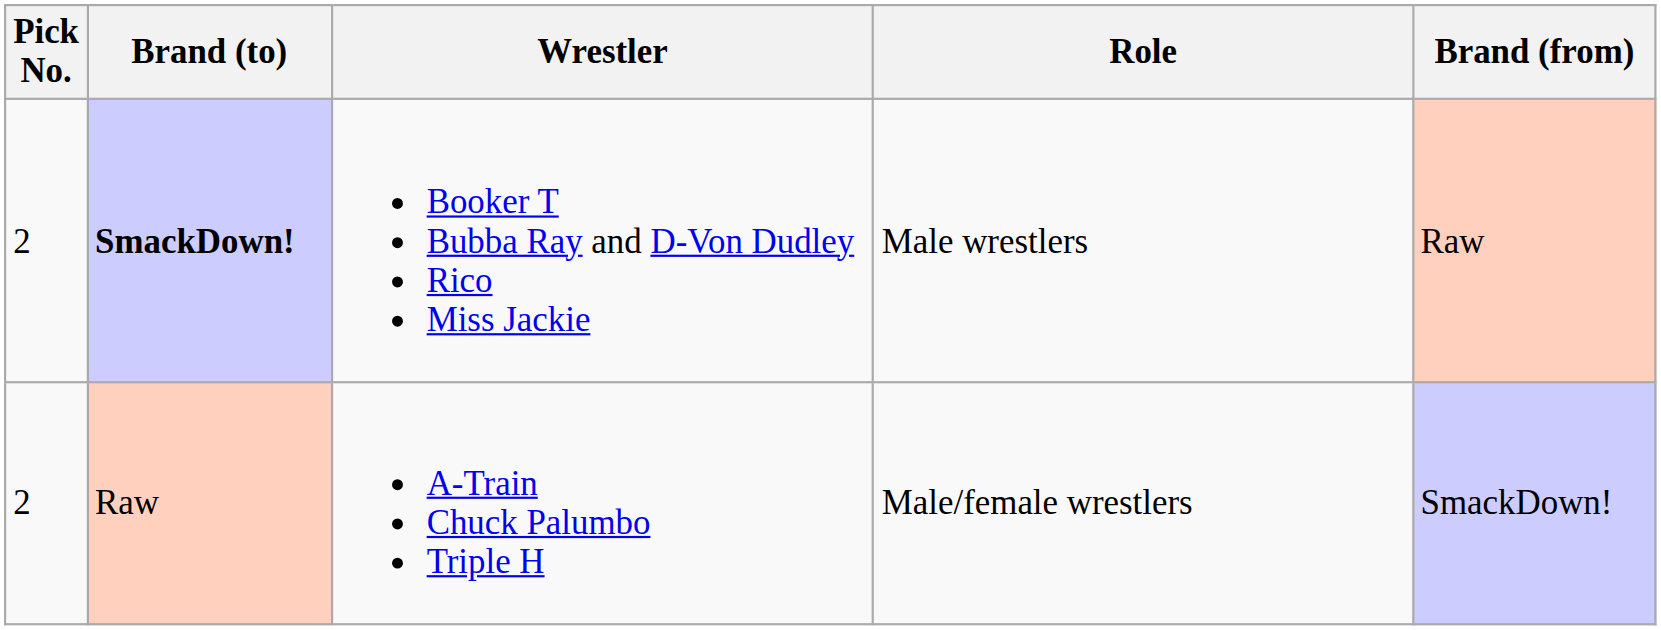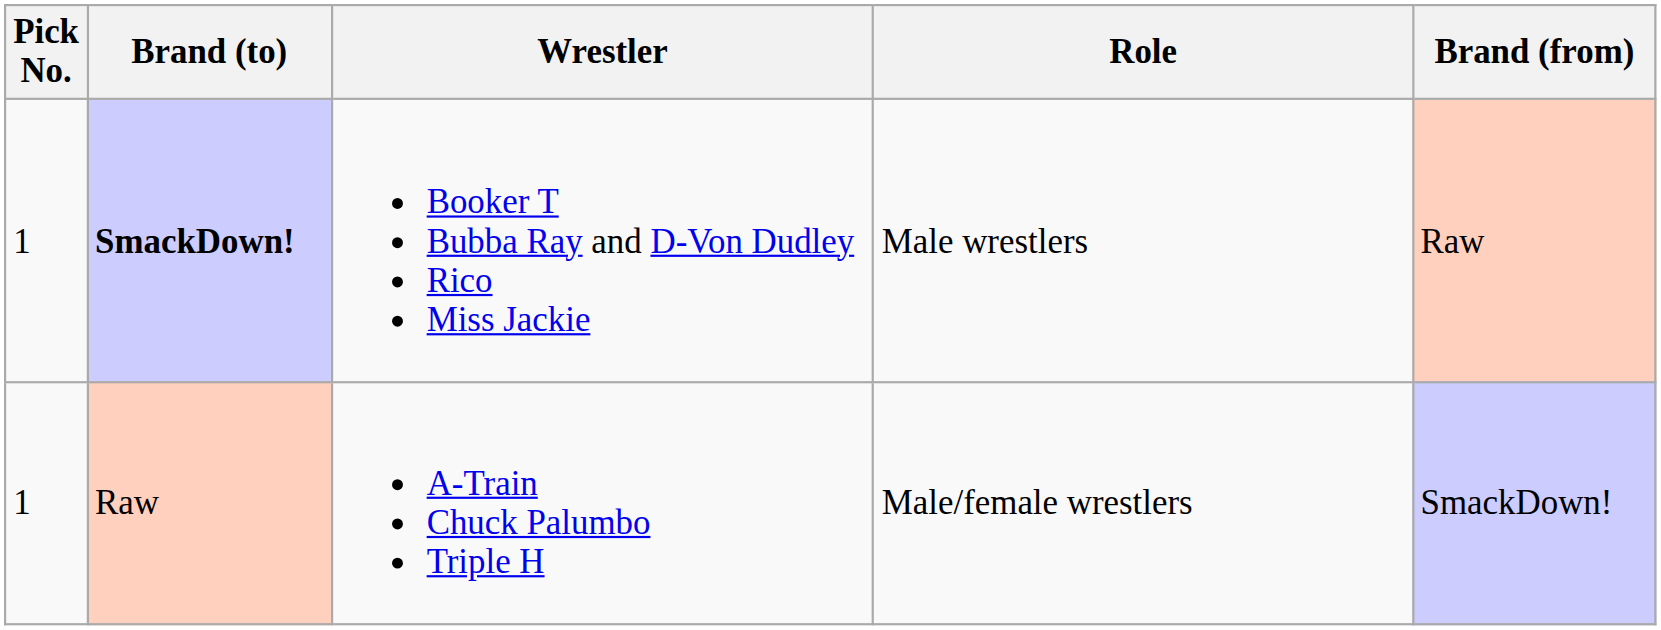 <table class="wikitable sortable" style="width: 60%">
 <tr>
 <th width=0%>Pick No.</th>
 <th width=15%>Brand (to)</th>
 <th width=35%>Wrestler</th>
 <th width=35%>Role</th>
 <th width=15%>Brand (from)</th>
 </tr>
 <tr>
-<td>2</td>
+<td>1</td>
 <td style="background:#ccf"><strong>SmackDown!</strong></td>
 <td><br><ul><li><a href='#'>Booker T</a></li><li><a href='#'>Bubba Ray</a> and <a href='#'>D-Von Dudley</a></li><li><a href='#'>Rico</a></li><li><a href='#'>Miss Jackie</a></li></ul></td>
 <td>Male wrestlers</td>
 <td style="background:#ffd0bd">Raw</td>
 </tr>
 <tr>
-<td>2</td>
+<td>1</td>
 <td style="background:#ffd0bd">Raw</td>
 <td><br><ul><li><a href='#'>A-Train</a></li><li><a href='#'>Chuck Palumbo</a></li><li><a href='#'>Triple H</a></li></ul></td>
 <td>Male/female wrestlers</td>
 <td style="background:#ccf">SmackDown!</td>
 </tr>
 </table>
